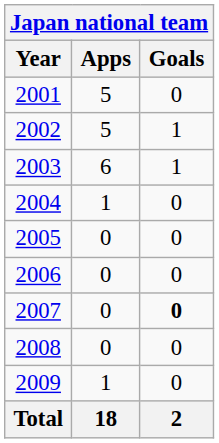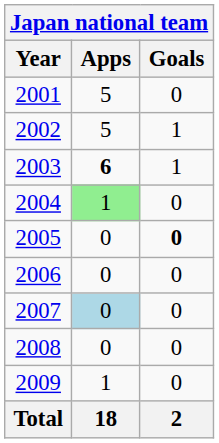 <table class="wikitable" style="text-align:center">
 <tr>
 <th colspan=3><a href='#'>Japan national team</a></th>
 </tr>
 <tr>
 <th>Year</th>
 <th>Apps</th>
 <th>Goals</th>
 </tr>
 <tr>
 <td><a href='#'>2001</a></td>
 <td>5</td>
 <td>0</td>
 </tr>
 <tr>
 <td><a href='#'>2002</a></td>
 <td>5</td>
 <td>1</td>
 </tr>
 <tr>
 <td><a href='#'>2003</a></td>
-<td>6</td>
+<td><strong>6</strong></td>
 <td>1</td>
 </tr>
 <tr>
 <td><a href='#'>2004</a></td>
-<td>1</td>
+<td style="background: lightgreen;">1</td>
 <td>0</td>
 </tr>
 <tr>
 <td><a href='#'>2005</a></td>
 <td>0</td>
-<td>0</td>
+<td><strong>0</strong></td>
 </tr>
 <tr>
 <td><a href='#'>2006</a></td>
 <td>0</td>
 <td>0</td>
 </tr>
 <tr>
 <td><a href='#'>2007</a></td>
+<td style="background: lightblue;">0</td>
 <td>0</td>
-<td><strong>0</strong></td>
 </tr>
 <tr>
 <td><a href='#'>2008</a></td>
 <td>0</td>
 <td>0</td>
 </tr>
 <tr>
 <td><a href='#'>2009</a></td>
 <td>1</td>
 <td>0</td>
 </tr>
 <tr>
 <th>Total</th>
 <th>18</th>
 <th>2</th>
 </tr>
 </table>
